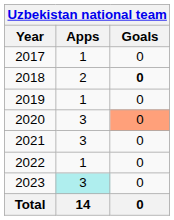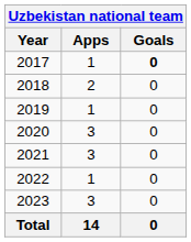 <table class="wikitable" style="text-align:center">
 <tr>
 <th colspan=3><a href='#'>Uzbekistan national team</a></th>
 </tr>
 <tr>
 <th>Year</th>
 <th>Apps</th>
 <th>Goals</th>
 </tr>
 <tr>
 <td>2017</td>
 <td>1</td>
-<td>0</td>
+<td><strong>0</strong></td>
 </tr>
 <tr>
 <td>2018</td>
 <td>2</td>
-<td><strong>0</strong></td>
+<td>0</td>
 </tr>
 <tr>
 <td>2019</td>
 <td>1</td>
 <td>0</td>
 </tr>
 <tr>
 <td>2020</td>
 <td>3</td>
-<td style="background: lightsalmon;">0</td>
+<td>0</td>
 </tr>
 <tr>
 <td>2021</td>
 <td>3</td>
 <td>0</td>
 </tr>
 <tr>
 <td>2022</td>
 <td>1</td>
 <td>0</td>
 </tr>
 <tr>
 <td>2023</td>
-<td style="background: paleturquoise;">3</td>
+<td>3</td>
 <td>0</td>
 </tr>
 <tr>
 <th>Total</th>
 <th>14</th>
 <th>0</th>
 </tr>
 </table>
